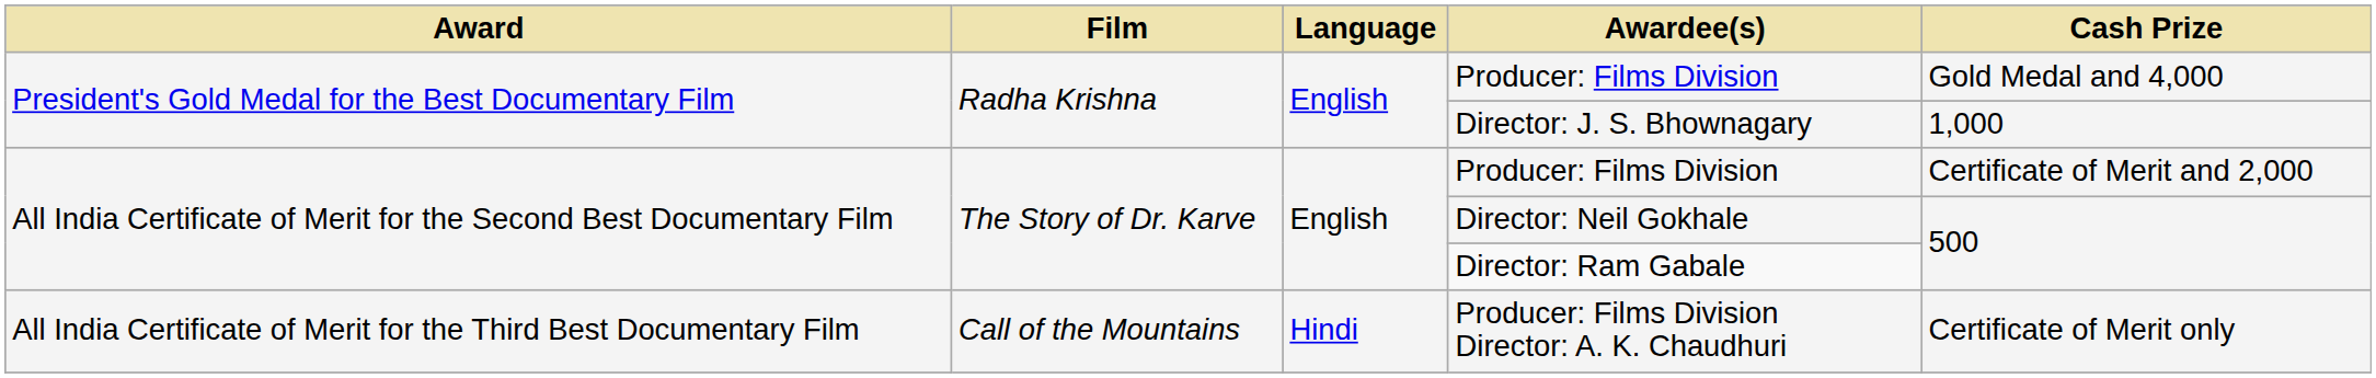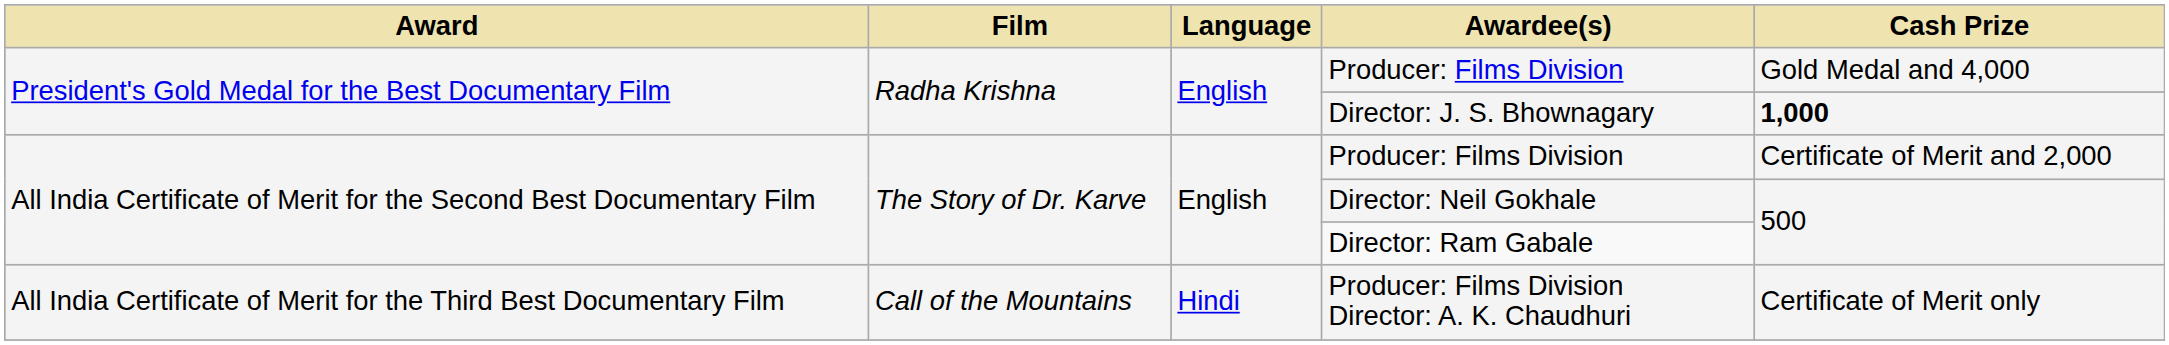 <table class="wikitable sortable" style="width:100%">
 <tr>
 <th style="background-color:#EFE4B0;width:40%;">Award</th>
 <th style="background-color:#EFE4B0;width:14%;">Film</th>
 <th style="background-color:#EFE4B0;width:7%;">Language</th>
 <th style="background-color:#EFE4B0;width:20%;">Awardee(s)</th>
 <th style="background-color:#EFE4B0;width:19%;">Cash Prize</th>
 </tr>
 <tr style="background-color:#F4F4F4">
 <td rowspan="2"><a href='#'>President's Gold Medal for the Best Documentary Film</a></td>
 <td rowspan="2"><em>Radha Krishna</em></td>
 <td rowspan="2"><a href='#'>English</a></td>
 <td>Producer: <a href='#'>Films Division</a></td>
 <td>Gold Medal and 4,000</td>
 </tr>
 <tr style="background-color:#F4F4F4">
 <td>Director: J. S. Bhownagary</td>
-<td>1,000</td>
+<td><strong>1,000</strong></td>
 </tr>
 <tr style="background-color:#F4F4F4">
 <td rowspan="3">All India Certificate of Merit for the Second Best Documentary Film</td>
 <td rowspan="3"><em>The Story of Dr. Karve</em></td>
 <td rowspan="3">English</td>
 <td>Producer: Films Division</td>
 <td>Certificate of Merit and 2,000</td>
 </tr>
 <tr style="background-color:#F4F4F4">
 <td>Director: Neil Gokhale</td>
 <td rowspan="2">500</td>
 </tr>
 <tr>
 <td>Director: Ram Gabale</td>
 </tr>
 <tr style="background-color:#F4F4F4">
 <td>All India Certificate of Merit for the Third Best Documentary Film</td>
 <td><em>Call of the Mountains</em></td>
 <td><a href='#'>Hindi</a></td>
 <td>Producer: Films Division<br>Director: A. K. Chaudhuri</td>
 <td>Certificate of Merit only</td>
 </tr>
 </table>
